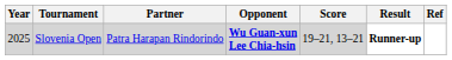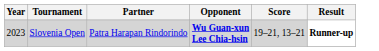 <table class="sortable wikitable" style="font-size: 90%">
 <tr>
 <th>Year</th>
 <th>Tournament</th>
 <th>Partner</th>
 <th>Opponent</th>
 <th>Score</th>
 <th>Result</th>
-<th>Ref</th>
 </tr>
 <tr style="background:#D5D5D5">
-<td align="center">2025</td>
+<td align="center">2023</td>
 <td align="left"><a href='#'>Slovenia Open</a></td>
 <td align="left"> <a href='#'>Patra Harapan Rindorindo</a></td>
 <td align="left"><strong> <a href='#'>Wu Guan-xun</a><br> <a href='#'>Lee Chia-hsin</a></strong></td>
 <td align="left">19–21, 13–21</td>
 <td style="text-align:left; background:white"> <strong>Runner-up</strong></td>
-<td style="text-align:center; background:white"></td>
 </tr>
 </table>
